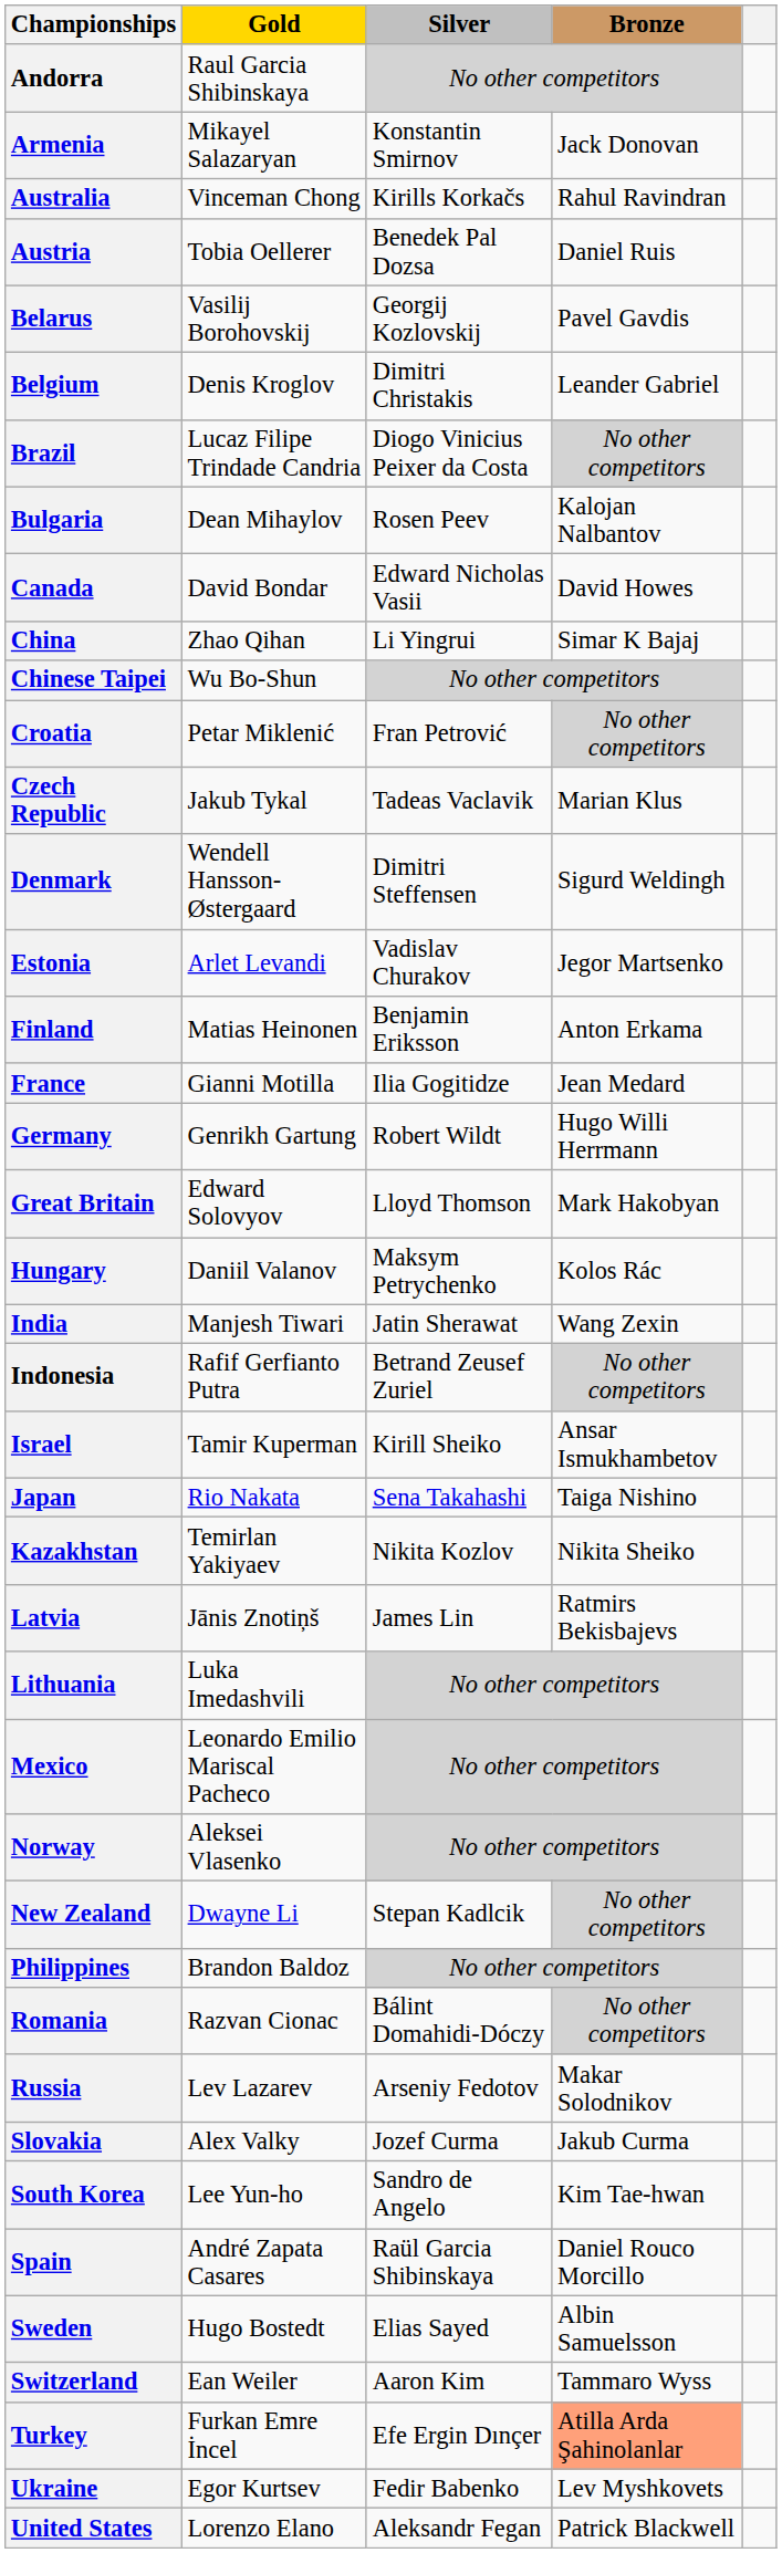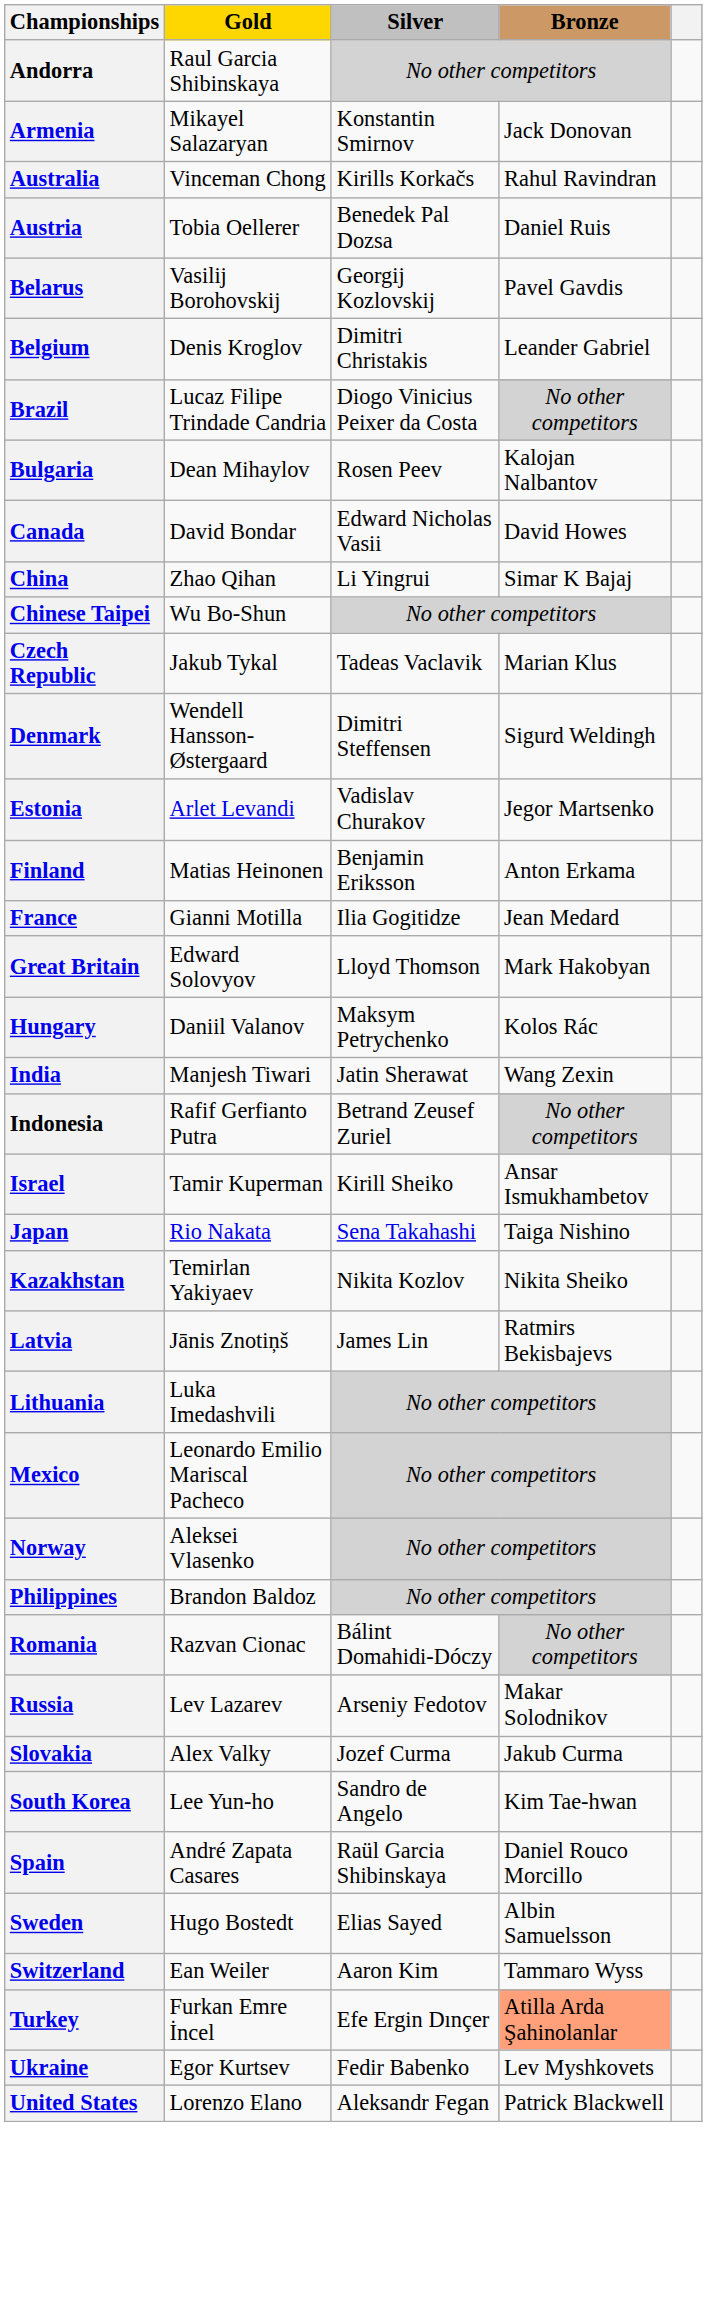 <table class="wikitable unsortable" style="text-align:left; width:80%;">
 <tr>
 <th scope="col" style="text-align:center; width:20%;">Championships</th>
 <td scope="col" style="text-align:center; width:25%; background:gold"><strong>Gold</strong></td>
 <td scope="col" style="text-align:center; width:25%; background:silver"><strong>Silver</strong></td>
 <td scope="col" style="text-align:center; width:25%; background:#c96"><strong>Bronze</strong></td>
 <th scope="col" style="text-align:center; width:5%;"></th>
 </tr>
 <tr>
 <th scope="row" style="text-align:left"> Andorra</th>
 <td>Raul Garcia Shibinskaya</td>
 <td colspan=2 align="center" bgcolor="lightgray"><em>No other competitors</em></td>
 <td></td>
 </tr>
 <tr>
 <th scope="row" style="text-align:left"> <a href='#'>Armenia</a></th>
 <td>Mikayel Salazaryan</td>
 <td>Konstantin Smirnov</td>
 <td>Jack Donovan</td>
 <td></td>
 </tr>
 <tr>
 <th scope="row" style="text-align:left"> <a href='#'>Australia</a></th>
 <td>Vinceman Chong</td>
 <td>Kirills Korkačs</td>
 <td>Rahul Ravindran</td>
 <td></td>
 </tr>
 <tr>
 <th scope="row" style="text-align:left"> <a href='#'>Austria</a></th>
 <td>Tobia Oellerer</td>
 <td>Benedek Pal Dozsa</td>
 <td>Daniel Ruis</td>
 <td></td>
 </tr>
 <tr>
 <th scope="row" style="text-align:left"> <a href='#'>Belarus</a></th>
 <td>Vasilij Borohovskij</td>
 <td>Georgij Kozlovskij</td>
 <td>Pavel Gavdis</td>
 <td></td>
 </tr>
 <tr>
 <th scope="row" style="text-align:left"> <a href='#'>Belgium</a></th>
 <td>Denis Kroglov</td>
 <td>Dimitri Christakis</td>
 <td>Leander Gabriel</td>
 <td></td>
 </tr>
 <tr>
 <th scope="row" style="text-align:left"> <a href='#'>Brazil</a></th>
 <td>Lucaz Filipe Trindade Candria</td>
 <td>Diogo Vinicius Peixer da Costa</td>
 <td align="center" bgcolor="lightgray"><em>No other competitors</em></td>
 <td></td>
 </tr>
 <tr>
 <th scope="row" style="text-align:left"> <a href='#'>Bulgaria</a></th>
 <td>Dean Mihaylov</td>
 <td>Rosen Peev</td>
 <td>Kalojan Nalbantov</td>
 <td></td>
 </tr>
 <tr>
 <th scope="row" style="text-align:left"> <a href='#'>Canada</a></th>
 <td>David Bondar</td>
 <td>Edward Nicholas Vasii</td>
 <td>David Howes</td>
 <td></td>
 </tr>
 <tr>
 <th scope="row" style="text-align:left"> <a href='#'>China</a></th>
 <td>Zhao Qihan</td>
 <td>Li Yingrui</td>
 <td>Simar K Bajaj</td>
 <td></td>
 </tr>
 <tr>
 <th scope="row" style="text-align:left"> <a href='#'>Chinese Taipei</a></th>
 <td>Wu Bo-Shun</td>
 <td colspan=2 align="center" bgcolor="lightgray"><em>No other competitors</em></td>
 <td></td>
 </tr>
 <tr>
-<th scope="row" style="text-align:left"> <a href='#'>Croatia</a></th>
-<td>Petar Miklenić</td>
-<td>Fran Petrović</td>
-<td align="center" bgcolor="lightgray"><em>No other competitors</em></td>
-<td></td>
-</tr>
-<tr>
 <th scope="row" style="text-align:left"> <a href='#'>Czech Republic</a></th>
 <td>Jakub Tykal</td>
 <td>Tadeas Vaclavik</td>
 <td>Marian Klus</td>
 <td></td>
 </tr>
 <tr>
 <th scope="row" style="text-align:left"> <a href='#'>Denmark</a></th>
 <td>Wendell Hansson-Østergaard</td>
 <td>Dimitri Steffensen</td>
 <td>Sigurd Weldingh</td>
 <td></td>
 </tr>
 <tr>
 <th scope="row" style="text-align:left"> <a href='#'>Estonia</a></th>
 <td><a href='#'>Arlet Levandi</a></td>
 <td>Vadislav Churakov</td>
 <td>Jegor Martsenko</td>
 <td></td>
 </tr>
 <tr>
 <th scope="row" style="text-align:left"> <a href='#'>Finland</a></th>
 <td>Matias Heinonen</td>
 <td>Benjamin Eriksson</td>
 <td>Anton Erkama</td>
 <td></td>
 </tr>
 <tr>
 <th scope="row" style="text-align:left"> <a href='#'>France</a></th>
 <td>Gianni Motilla</td>
 <td>Ilia Gogitidze</td>
 <td>Jean Medard</td>
-<td></td>
-</tr>
-<tr>
-<th scope="row" style="text-align:left"> <a href='#'>Germany</a></th>
-<td>Genrikh Gartung</td>
-<td>Robert Wildt</td>
-<td>Hugo Willi Herrmann</td>
 <td></td>
 </tr>
 <tr>
 <th scope="row" style="text-align:left"> <a href='#'>Great Britain</a></th>
 <td>Edward Solovyov</td>
 <td>Lloyd Thomson</td>
 <td>Mark Hakobyan</td>
 <td></td>
 </tr>
 <tr>
 <th scope="row" style="text-align:left"> <a href='#'>Hungary</a></th>
 <td>Daniil Valanov</td>
 <td>Maksym Petrychenko</td>
 <td>Kolos Rác</td>
 <td></td>
 </tr>
 <tr>
 <th scope="row" style="text-align:left"> <a href='#'>India</a></th>
 <td>Manjesh Tiwari</td>
 <td>Jatin Sherawat</td>
 <td>Wang Zexin</td>
 <td></td>
 </tr>
 <tr>
 <th scope="row" style="text-align:left"> Indonesia</th>
 <td>Rafif Gerfianto Putra</td>
 <td>Betrand Zeusef Zuriel</td>
 <td align="center" bgcolor="lightgray"><em>No other competitors</em></td>
 <td></td>
 </tr>
 <tr>
 <th scope="row" style="text-align:left"> <a href='#'>Israel</a></th>
 <td>Tamir Kuperman</td>
 <td>Kirill Sheiko</td>
 <td>Ansar Ismukhambetov</td>
 <td></td>
 </tr>
 <tr>
 <th scope="row" style="text-align:left"> <a href='#'>Japan</a></th>
 <td><a href='#'>Rio Nakata</a></td>
 <td><a href='#'>Sena Takahashi</a></td>
 <td>Taiga Nishino</td>
 <td></td>
 </tr>
 <tr>
 <th scope="row" style="text-align:left"> <a href='#'>Kazakhstan</a></th>
 <td>Temirlan Yakiyaev</td>
 <td>Nikita Kozlov</td>
 <td>Nikita Sheiko</td>
 <td></td>
 </tr>
 <tr>
 <th scope="row" style="text-align:left"> <a href='#'>Latvia</a></th>
 <td>Jānis Znotiņš</td>
 <td>James Lin</td>
 <td>Ratmirs Bekisbajevs</td>
 <td></td>
 </tr>
 <tr>
 <th scope="row" style="text-align:left"> <a href='#'>Lithuania</a></th>
 <td>Luka Imedashvili</td>
 <td colspan=2 align="center" bgcolor="lightgray"><em>No other competitors</em></td>
 <td></td>
 </tr>
 <tr>
 <th scope="row" style="text-align:left"> <a href='#'>Mexico</a></th>
 <td>Leonardo Emilio Mariscal Pacheco</td>
 <td colspan=2 align="center" bgcolor="lightgray"><em>No other competitors</em></td>
 <td></td>
 </tr>
 <tr>
 <th scope="row" style="text-align:left"> <a href='#'>Norway</a></th>
 <td>Aleksei Vlasenko</td>
 <td colspan=2 align="center" bgcolor="lightgray"><em>No other competitors</em></td>
-<td></td>
-</tr>
-<tr>
-<th scope="row" style="text-align:left"> <a href='#'>New Zealand</a></th>
-<td><a href='#'>Dwayne Li</a></td>
-<td>Stepan Kadlcik</td>
-<td align="center" bgcolor="lightgray"><em>No other competitors</em></td>
 <td></td>
 </tr>
 <tr>
 <th scope="row" style="text-align:left"> <a href='#'>Philippines</a></th>
 <td>Brandon Baldoz</td>
 <td colspan=2 align="center" bgcolor="lightgray"><em>No other competitors</em></td>
 <td></td>
 </tr>
 <tr>
 <th scope="row" style="text-align:left"> <a href='#'>Romania</a></th>
 <td>Razvan Cionac</td>
 <td>Bálint Domahidi-Dóczy</td>
 <td align="center" bgcolor="lightgray"><em>No other competitors</em></td>
 <td></td>
 </tr>
 <tr>
 <th scope="row" style="text-align:left"> <a href='#'>Russia</a></th>
 <td>Lev Lazarev</td>
 <td>Arseniy Fedotov</td>
 <td>Makar Solodnikov</td>
 <td></td>
 </tr>
 <tr>
 <th scope="row" style="text-align:left"> <a href='#'>Slovakia</a></th>
 <td>Alex Valky</td>
 <td>Jozef Curma</td>
 <td>Jakub Curma</td>
 <td></td>
 </tr>
 <tr>
 <th scope="row" style="text-align:left"> <a href='#'>South Korea</a></th>
 <td>Lee Yun-ho</td>
 <td>Sandro de Angelo</td>
 <td>Kim Tae-hwan</td>
 <td></td>
 </tr>
 <tr>
 <th scope="row" style="text-align:left"> <a href='#'>Spain</a></th>
 <td>André Zapata Casares</td>
 <td>Raül Garcia Shibinskaya</td>
 <td>Daniel Rouco Morcillo</td>
 <td></td>
 </tr>
 <tr>
 <th scope="row" style="text-align:left"> <a href='#'>Sweden</a></th>
 <td>Hugo Bostedt</td>
 <td>Elias Sayed</td>
 <td>Albin Samuelsson</td>
 <td></td>
 </tr>
 <tr>
 <th scope="row" style="text-align:left"> <a href='#'>Switzerland</a></th>
 <td>Ean Weiler</td>
 <td>Aaron Kim</td>
 <td>Tammaro Wyss</td>
 <td></td>
 </tr>
 <tr>
 <th scope="row" style="text-align:left"> <a href='#'>Turkey</a></th>
 <td>Furkan Emre İncel</td>
 <td>Efe Ergin Dınçer</td>
 <td style="background: lightsalmon;">Atilla Arda Şahinolanlar</td>
 <td></td>
 </tr>
 <tr>
 <th scope="row" style="text-align:left"> <a href='#'>Ukraine</a></th>
 <td>Egor Kurtsev</td>
 <td>Fedir Babenko</td>
 <td>Lev Myshkovets</td>
 <td></td>
 </tr>
 <tr>
 <th scope="row" style="text-align:left"> <a href='#'>United States</a></th>
 <td>Lorenzo Elano</td>
 <td>Aleksandr Fegan</td>
 <td>Patrick Blackwell</td>
 <td></td>
 </tr>
 </table>
